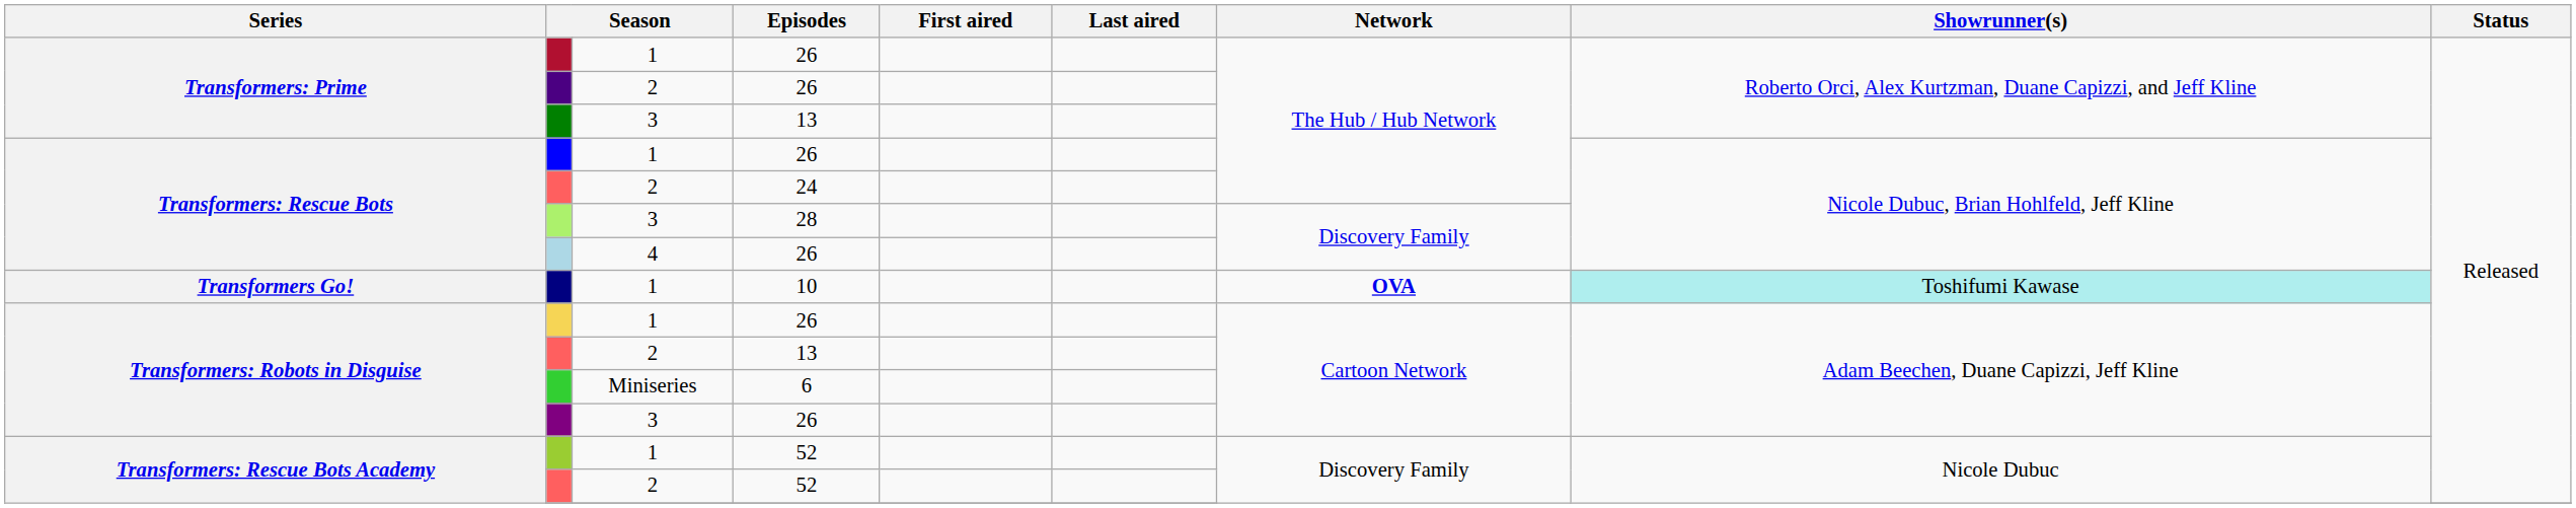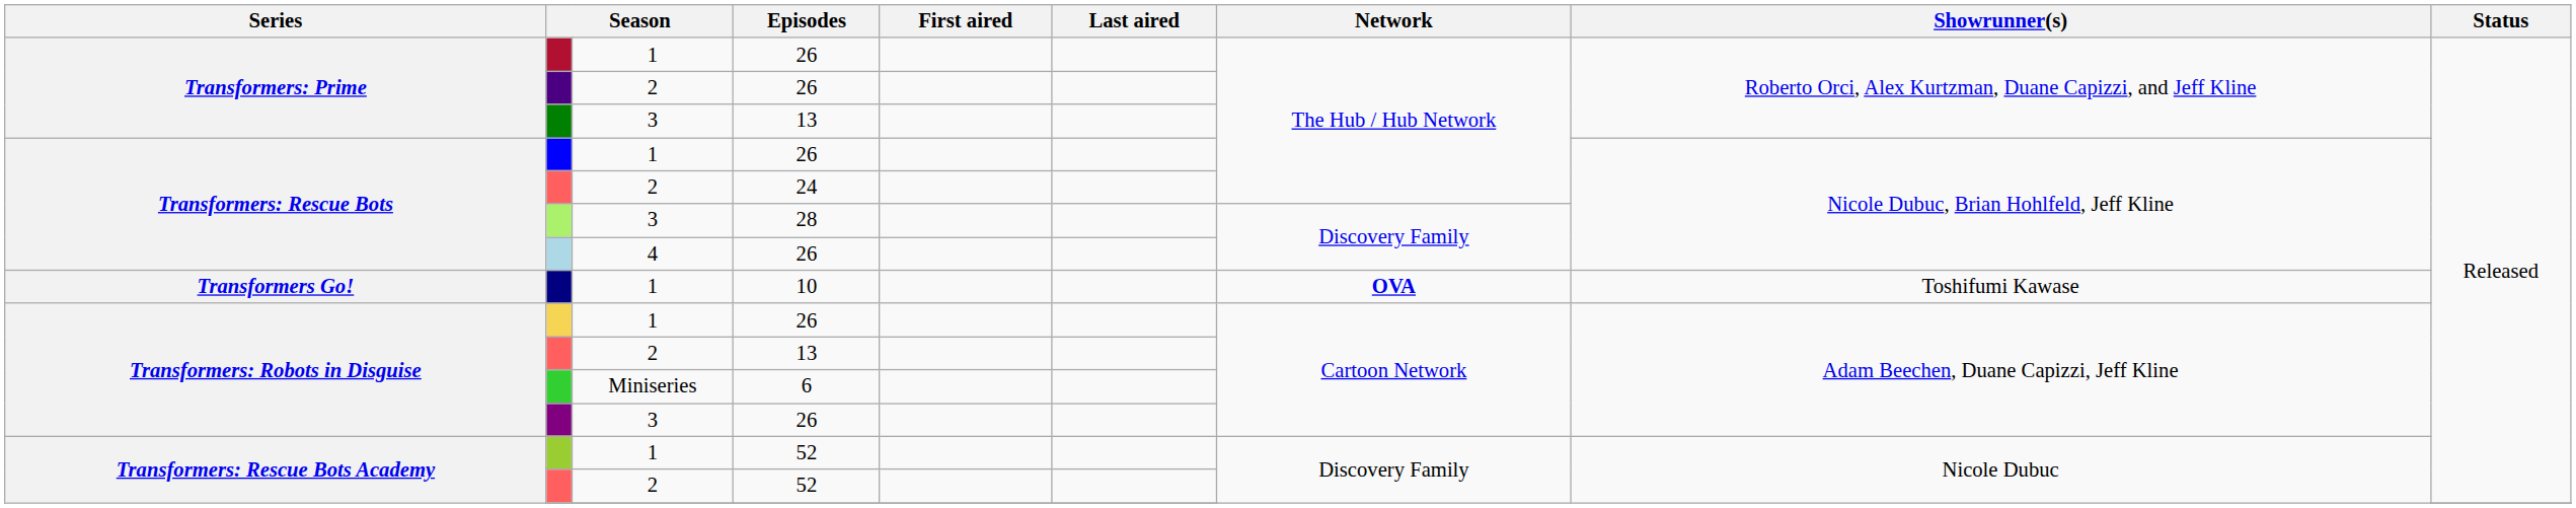 <table class="wikitable plainrowheaders" style="text-align: center" width="99%">
 <tr>
 <th scope="col">Series</th>
 <th scope="col" colspan="2">Season</th>
 <th scope="col">Episodes</th>
 <th scope="col">First aired</th>
 <th scope="col">Last aired</th>
 <th scope="col">Network</th>
 <th scope="col"><a href='#'>Showrunner</a>(s)</th>
 <th scope="col">Status</th>
 </tr>
 <tr>
 <th scope="row" rowspan="3"><em><a href='#'>Transformers: Prime</a></em></th>
 <th scope="row" style="width:12px; background:#B11030;"></th>
 <td>1</td>
 <td>26</td>
 <td></td>
 <td></td>
 <td rowspan="5"><a href='#'>The Hub / Hub Network</a></td>
 <td rowspan="3"><a href='#'>Roberto Orci</a>, <a href='#'>Alex Kurtzman</a>, <a href='#'>Duane Capizzi</a>, and <a href='#'>Jeff Kline</a></td>
 <td rowspan="14">Released</td>
 </tr>
 <tr>
 <th scope="row" style="width:12px; background:#4B0082;"></th>
 <td>2</td>
 <td>26</td>
 <td></td>
 <td></td>
 </tr>
 <tr>
 <th scope="row" style="width:12px; background:#008000;"></th>
 <td>3</td>
 <td>13</td>
 <td></td>
 <td></td>
 </tr>
 <tr>
 <th scope="row" rowspan="4"><em><a href='#'>Transformers: Rescue Bots</a></em></th>
 <th scope="row" style="width:12px; background:#0000FF;"></th>
 <td>1</td>
 <td>26</td>
 <td></td>
 <td></td>
 <td rowspan="4"><a href='#'>Nicole Dubuc</a>, <a href='#'>Brian Hohlfeld</a>, Jeff Kline</td>
 </tr>
 <tr>
 <th scope="row" style="width:12px; background:#FF5F5F;"></th>
 <td>2</td>
 <td>24</td>
 <td></td>
 <td></td>
 </tr>
 <tr>
 <th scope="row" style="width:12px; background:#ACF16C;"></th>
 <td>3</td>
 <td>28</td>
 <td></td>
 <td></td>
 <td rowspan="2"><a href='#'>Discovery Family</a></td>
 </tr>
 <tr>
 <th scope="row" style="width:12px; background:#ADD8E6;"></th>
 <td>4</td>
 <td>26</td>
 <td></td>
 <td></td>
 </tr>
 <tr>
 <th scope="row"><em><a href='#'>Transformers Go!</a></em></th>
 <th scope="row" style="width:12px; background:#000080;"></th>
 <td>1</td>
 <td>10</td>
 <td></td>
 <td></td>
 <td><strong><a href='#'>OVA</a></strong></td>
-<td style="background: paleturquoise;">Toshifumi Kawase</td>
+<td>Toshifumi Kawase</td>
 </tr>
 <tr>
 <th scope="row" rowspan="4"><em><a href='#'>Transformers: Robots in Disguise</a></em></th>
 <th scope="row" style="width:12px; background:#F6D555;"></th>
 <td>1</td>
 <td>26</td>
 <td></td>
 <td></td>
 <td rowspan="4"><a href='#'>Cartoon Network</a></td>
 <td rowspan="4"><a href='#'>Adam Beechen</a>, Duane Capizzi, Jeff Kline</td>
 </tr>
 <tr>
 <th scope="row" style="width:12px; background:#FF5F5F;"></th>
 <td>2</td>
 <td>13</td>
 <td></td>
 <td></td>
 </tr>
 <tr>
 <th scope="row" style="width:12px; background:#32CF32;"></th>
 <td>Miniseries</td>
 <td>6</td>
 <td></td>
 <td></td>
 </tr>
 <tr>
 <th scope="row" style="width:12px; background:#800080;"></th>
 <td>3</td>
 <td>26</td>
 <td></td>
 <td></td>
 </tr>
 <tr>
 <th scope="row" rowspan="4"><em><a href='#'>Transformers: Rescue Bots Academy</a></em></th>
 <th scope="row" style="width:12px; background:#9ACD32;"></th>
 <td>1</td>
 <td>52</td>
 <td></td>
 <td></td>
 <td rowspan="4">Discovery Family</td>
 <td rowspan="4">Nicole Dubuc</td>
 </tr>
 <tr>
 <td style="background:#FF5F5F; height:10px;"></td>
 <td>2</td>
 <td>52</td>
 <td></td>
 <td></td>
 </tr>
 <tr>
 </tr>
 <tr>
 </tr>
 </table>
